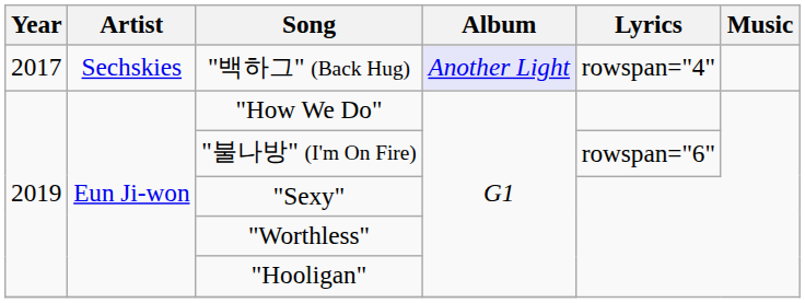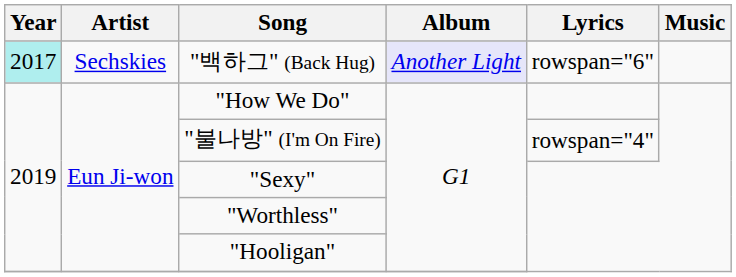 <table class="wikitable sortable" style="text-align: center">
 <tr>
 <th>Year</th>
 <th>Artist</th>
 <th>Song</th>
 <th>Album</th>
 <th>Lyrics</th>
 <th>Music</th>
 </tr>
 <tr>
-<td>2017</td>
+<td style="background: paleturquoise;">2017</td>
 <td><a href='#'>Sechskies</a></td>
 <td>"백하그" <small>(Back Hug)</small></td>
 <td style="background: lavender;"><em><a href='#'>Another Light</a></em></td>
-<td>rowspan="4" </td>
+<td>rowspan="6" </td>
 <td></td>
 </tr>
 <tr>
 <td rowspan="5">2019</td>
 <td rowspan="5"><a href='#'>Eun Ji-won</a></td>
 <td>"How We Do"</td>
 <td rowspan="5"><em>G1</em></td>
 <td></td>
 </tr>
 <tr>
 <td>"불나방" <small>(I'm On Fire)</small></td>
-<td>rowspan="6" </td>
+<td>rowspan="4" </td>
 </tr>
 <tr>
 <td>"Sexy"</td>
 </tr>
 <tr>
 <td>"Worthless"</td>
 </tr>
 <tr>
 <td>"Hooligan"</td>
 </tr>
 <tr>
 </tr>
 </table>
